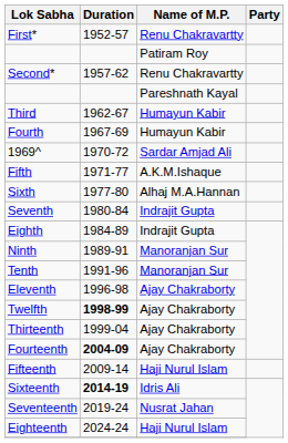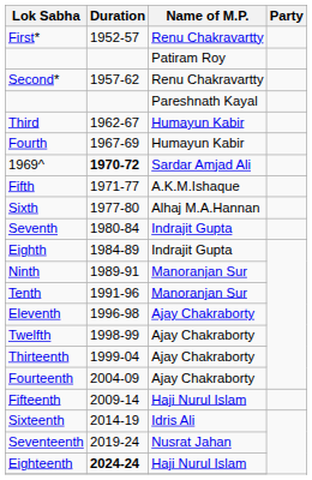 <table class="wikitable">
 <tr>
 <th>Lok Sabha</th>
 <th>Duration</th>
 <th>Name of M.P.</th>
 <th colspan=2>Party</th>
 </tr>
 <tr>
 <td><a href='#'>First</a>*</td>
 <td>1952-57</td>
 <td><a href='#'>Renu Chakravartty</a></td>
 <td></td>
 </tr>
 <tr>
 <td></td>
 <td></td>
 <td>Patiram Roy</td>
 <td></td>
 </tr>
 <tr>
 <td><a href='#'>Second</a>*</td>
 <td>1957-62</td>
 <td>Renu Chakravartty</td>
 <td></td>
 </tr>
 <tr>
 <td></td>
 <td></td>
 <td>Pareshnath Kayal</td>
 <td></td>
 </tr>
 <tr>
 <td><a href='#'>Third</a></td>
 <td>1962-67</td>
 <td><a href='#'>Humayun Kabir</a></td>
 </tr>
 <tr>
 <td><a href='#'>Fourth</a></td>
 <td>1967-69</td>
 <td>Humayun Kabir</td>
 <td></td>
 </tr>
 <tr>
 <td>1969^</td>
-<td>1970-72</td>
+<td><strong>1970-72</strong></td>
 <td><a href='#'>Sardar Amjad Ali</a></td>
 </tr>
 <tr>
 <td><a href='#'>Fifth</a></td>
 <td>1971-77</td>
 <td>A.K.M.Ishaque</td>
 <td></td>
 </tr>
 <tr>
 <td><a href='#'>Sixth</a></td>
 <td>1977-80</td>
 <td>Alhaj M.A.Hannan</td>
 <td></td>
 </tr>
 <tr>
 <td><a href='#'>Seventh</a></td>
 <td>1980-84</td>
 <td><a href='#'>Indrajit Gupta</a></td>
 <td></td>
 </tr>
 <tr>
 <td><a href='#'>Eighth</a></td>
 <td>1984-89</td>
 <td>Indrajit Gupta</td>
 </tr>
 <tr>
 <td><a href='#'>Ninth</a></td>
 <td>1989-91</td>
 <td><a href='#'>Manoranjan Sur</a></td>
 </tr>
 <tr>
 <td><a href='#'>Tenth</a></td>
 <td>1991-96</td>
 <td><a href='#'>Manoranjan Sur</a></td>
 </tr>
 <tr>
 <td><a href='#'>Eleventh</a></td>
 <td>1996-98</td>
 <td><a href='#'>Ajay Chakraborty</a></td>
 </tr>
 <tr>
 <td><a href='#'>Twelfth</a></td>
-<td><strong>1998-99</strong></td>
+<td>1998-99</td>
 <td>Ajay Chakraborty</td>
 </tr>
 <tr>
 <td><a href='#'>Thirteenth</a></td>
 <td>1999-04</td>
 <td>Ajay Chakraborty</td>
 </tr>
 <tr>
 <td><a href='#'>Fourteenth</a></td>
-<td><strong>2004-09</strong></td>
+<td>2004-09</td>
 <td>Ajay Chakraborty</td>
 </tr>
 <tr>
 <td><a href='#'>Fifteenth</a></td>
 <td>2009-14</td>
 <td><a href='#'>Haji Nurul Islam</a></td>
 <td></td>
 </tr>
 <tr>
 <td><a href='#'>Sixteenth</a></td>
-<td><strong>2014-19</strong></td>
+<td>2014-19</td>
 <td><a href='#'>Idris Ali</a></td>
 </tr>
 <tr>
 <td><a href='#'>Seventeenth</a></td>
 <td>2019-24</td>
 <td><a href='#'>Nusrat Jahan</a></td>
 </tr>
 <tr>
 <td><a href='#'>Eighteenth</a></td>
-<td>2024-24</td>
+<td><strong>2024-24</strong></td>
 <td><a href='#'>Haji Nurul Islam</a></td>
 </tr>
 <tr>
 </tr>
 </table>
